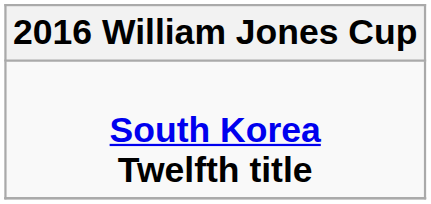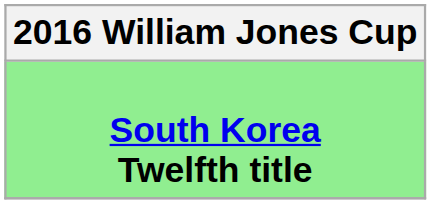 <table class="wikitable" style="text-align: center; margin: 0 auto;">
 <tr>
 <th>2016 William Jones Cup</th>
 </tr>
 <tr>
-<td> <br> <strong><a href='#'>South Korea</a></strong> <br> <strong>Twelfth title</strong></td>
+<td style="background: lightgreen;"> <br> <strong><a href='#'>South Korea</a></strong> <br> <strong>Twelfth title</strong></td>
 </tr>
 <tr>
 </tr>
 </table>
